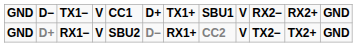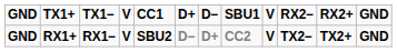 <table class="wikitable">
 <tr>
 <td><strong>GND</strong></td>
-<td><strong>D−</strong></td>
+<td><strong>TX1+</strong></td>
 <td><strong>TX1−</strong></td>
 <td><strong>V</strong></td>
 <td><strong>CC1</strong></td>
 <td><strong>D+</strong></td>
-<td><strong>TX1+</strong></td>
+<td><strong>D−</strong></td>
 <td><strong>SBU1</strong></td>
 <td><strong>V</strong></td>
 <td><strong>RX2−</strong></td>
 <td><strong>RX2+</strong></td>
 <td><strong>GND</strong></td>
 </tr>
 <tr -->
 <td><strong>GND</strong></td>
-<td style="color:gray"><strong>D+</strong></td>
+<td><strong>RX1+</strong></td>
 <td><strong>RX1−</strong></td>
 <td><strong>V</strong></td>
 <td><strong>SBU2</strong></td>
 <td style="color:gray"><strong>D−</strong></td>
-<td><strong>RX1+</strong></td>
+<td style="color:gray"><strong>D+</strong></td>
 <td style="color:gray"><strong>CC2</strong></td>
 <td><strong>V</strong></td>
 <td><strong>TX2−</strong></td>
 <td><strong>TX2+</strong></td>
 <td><strong>GND</strong></td>
 </tr>
 </table>
